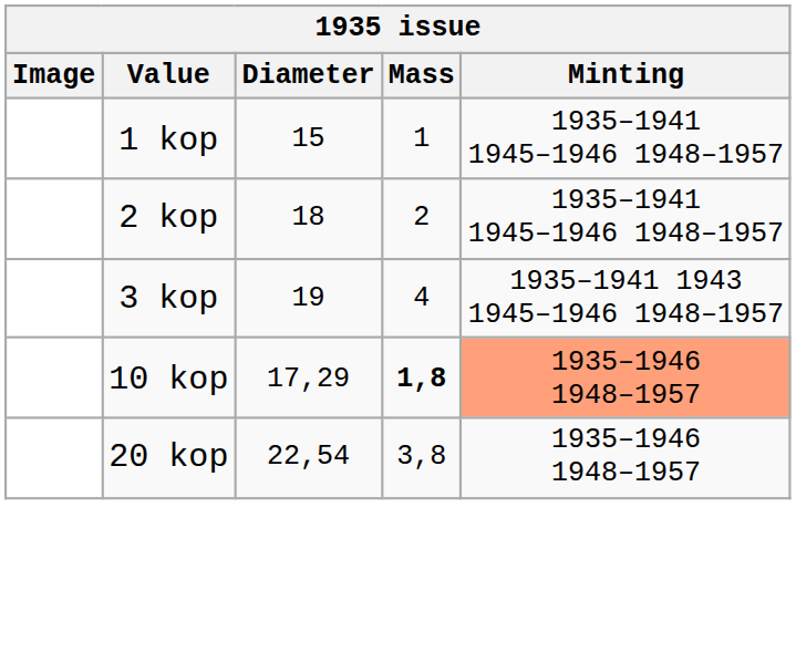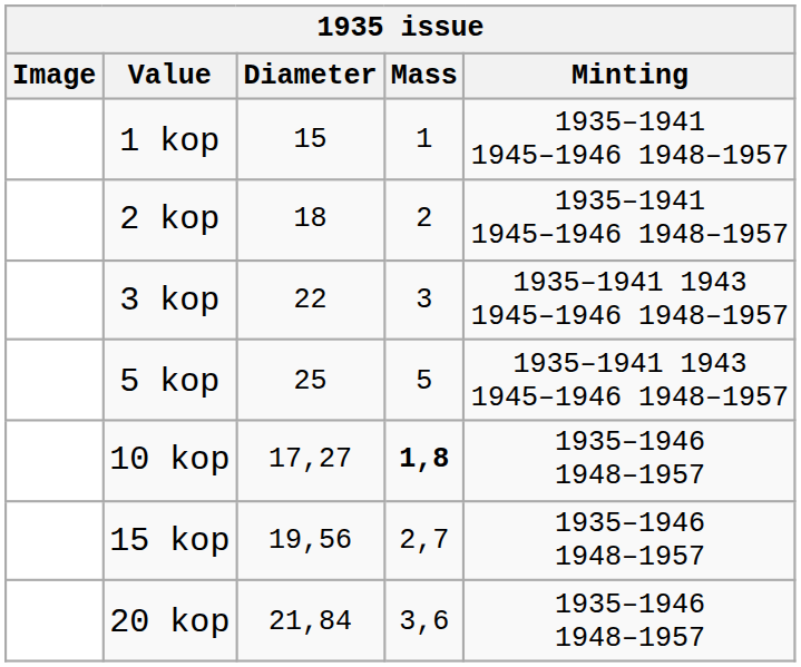 <table class="wikitable" style="font-size: 90%; text-align: center">
 <tr>
 <th colspan="5">1935 issue</th>
 </tr>
 <tr>
 <th>Image</th>
 <th>Value</th>
 <th>Diameter</th>
 <th>Mass</th>
 <th>Minting</th>
 </tr>
 <tr>
 <td bgcolor="#ffffff"></td>
 <td><big>1 kop</big></td>
 <td>15</td>
 <td>1</td>
 <td>1935–1941<br>1945–1946 1948–1957</td>
 </tr>
 <tr>
 <td bgcolor="#ffffff"></td>
 <td><big>2 kop</big></td>
 <td>18</td>
 <td>2</td>
 <td>1935–1941<br>1945–1946 1948–1957</td>
 </tr>
 <tr>
 <td bgcolor="#ffffff"></td>
 <td><big>3 kop</big></td>
-<td>19</td>
-<td>4</td>
+<td>22</td>
+<td>3</td>
+<td>1935–1941 1943<br>1945–1946 1948–1957</td>
+</tr>
+<tr>
+<td bgcolor="#ffffff"></td>
+<td><big>5 kop</big></td>
+<td>25</td>
+<td>5</td>
 <td>1935–1941 1943<br>1945–1946 1948–1957</td>
 </tr>
 <tr>
 <td bgcolor="#ffffff"></td>
 <td><big>10 kop</big></td>
-<td>17,29</td>
+<td>17,27</td>
 <td><strong>1,8</strong></td>
-<td style="background: lightsalmon;">1935–1946<br>1948–1957</td>
+<td>1935–1946<br>1948–1957</td>
+</tr>
+<tr>
+<td bgcolor="#ffffff"></td>
+<td><big>15 kop</big></td>
+<td>19,56</td>
+<td>2,7</td>
+<td>1935–1946<br>1948–1957</td>
 </tr>
 <tr>
 <td bgcolor="#ffffff"></td>
 <td><big>20 kop</big></td>
-<td>22,54</td>
-<td>3,8</td>
+<td>21,84</td>
+<td>3,6</td>
 <td>1935–1946<br>1948–1957</td>
 </tr>
 </table>
